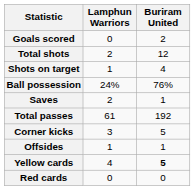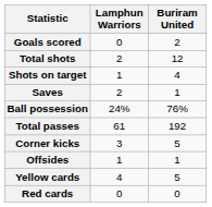 <table class="wikitable plainrowheaders" style="text-align:center">
 <tr>
 <th scope="col">Statistic</th>
 <th scope="col" style="width:80px">Lamphun Warriors</th>
 <th scope="col" style="width:80px">Buriram United</th>
 </tr>
 <tr>
 <th scope=row>Goals scored</th>
 <td>0</td>
 <td>2</td>
 </tr>
 <tr>
 <th scope=row>Total shots</th>
 <td>2</td>
 <td>12</td>
 </tr>
 <tr>
 <th scope=row>Shots on target</th>
 <td>1</td>
 <td>4</td>
 </tr>
 <tr>
+<th scope=row>Saves</th>
+<td>2</td>
+<td>1</td>
+</tr>
+<tr>
 <th scope=row>Ball possession</th>
 <td>24%</td>
 <td>76%</td>
-</tr>
-<tr>
-<th scope=row>Saves</th>
-<td>2</td>
-<td>1</td>
 </tr>
 <tr>
 <th scope=row>Total passes</th>
 <td>61</td>
 <td>192</td>
 </tr>
 <tr>
 <th scope=row>Corner kicks</th>
 <td>3</td>
 <td>5</td>
 </tr>
 <tr>
 <th scope=row>Offsides</th>
 <td>1</td>
 <td>1</td>
 </tr>
 <tr>
 <th scope=row>Yellow cards</th>
 <td>4</td>
-<td><strong>5</strong></td>
+<td>5</td>
 </tr>
 <tr>
 <th scope=row>Red cards</th>
 <td>0</td>
 <td>0</td>
 </tr>
 </table>
